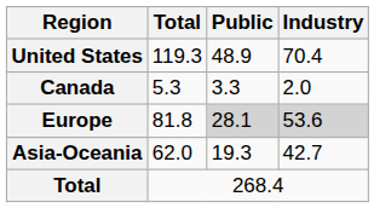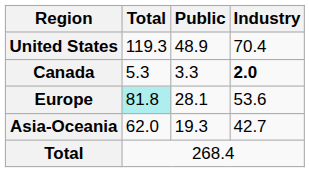 <table class="wikitable" align="right">
 <tr>
 <th>Region</th>
 <th>Total</th>
 <th>Public</th>
 <th>Industry</th>
 </tr>
 <tr>
 <th>United States</th>
 <td>119.3</td>
 <td>48.9</td>
 <td>70.4</td>
 </tr>
 <tr>
 <th>Canada</th>
 <td>5.3</td>
 <td>3.3</td>
-<td>2.0</td>
+<td><strong>2.0</strong></td>
 </tr>
 <tr>
 <th>Europe</th>
-<td>81.8</td>
-<td style="background: lightgrey;">28.1</td>
-<td style="background: lightgrey;">53.6</td>
+<td style="background: paleturquoise;">81.8</td>
+<td>28.1</td>
+<td>53.6</td>
 </tr>
 <tr>
 <th>Asia-Oceania</th>
 <td>62.0</td>
 <td>19.3</td>
 <td>42.7</td>
 </tr>
 <tr>
 <th>Total</th>
 <td colspan=3 align="center">268.4</td>
 </tr>
 </table>
